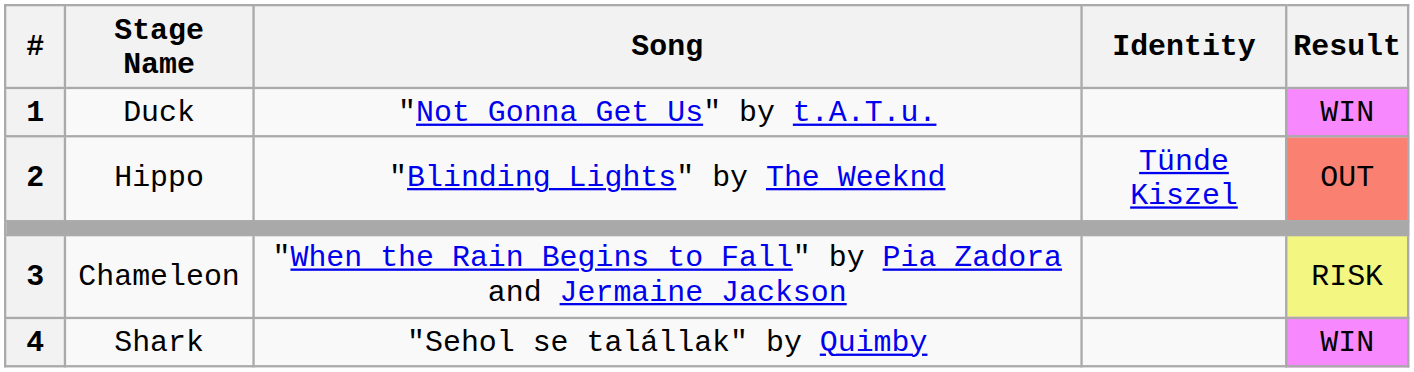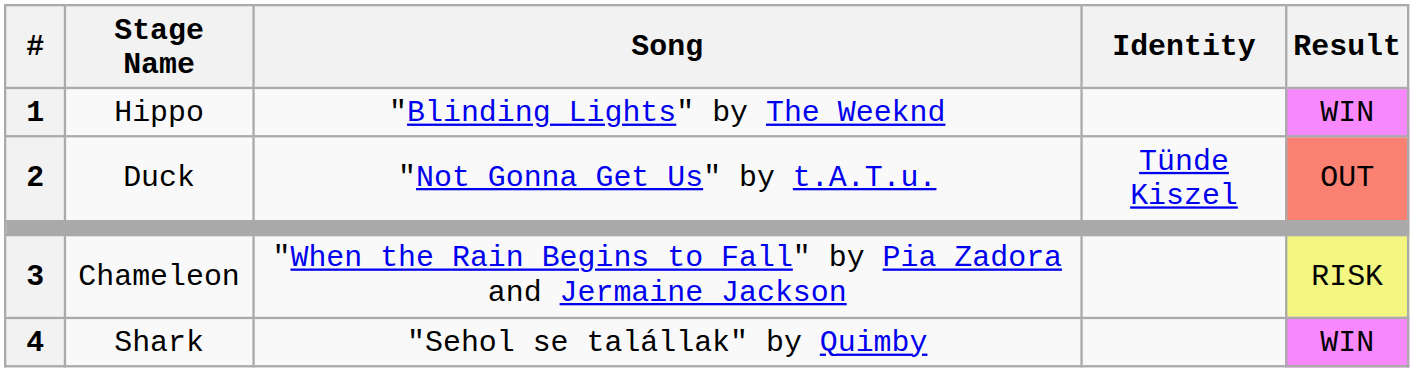 <table class="wikitable" style="text-align:center">
 <tr>
 <th style="width:20px">#</th>
 <th>Stage Name</th>
 <th>Song</th>
 <th>Identity</th>
 <th>Result</th>
 </tr>
 <tr>
 <th>1</th>
-<td>Duck</td>
-<td>"<a href='#'>Not Gonna Get Us</a>" by <a href='#'>t.A.T.u.</a></td>
+<td>Hippo</td>
+<td>"<a href='#'>Blinding Lights</a>" by <a href='#'>The Weeknd</a></td>
 <td></td>
 <td bgcolor="F888FD">WIN</td>
 </tr>
 <tr>
 <th>2</th>
-<td>Hippo</td>
-<td>"<a href='#'>Blinding Lights</a>" by <a href='#'>The Weeknd</a></td>
+<td>Duck</td>
+<td>"<a href='#'>Not Gonna Get Us</a>" by <a href='#'>t.A.T.u.</a></td>
 <td><a href='#'>Tünde Kiszel</a></td>
 <td bgcolor="salmon">OUT</td>
 </tr>
 <tr>
 <th colspan="5" style="background:darkgrey"></th>
 </tr>
 <tr>
 <th>3</th>
 <td>Chameleon</td>
 <td>"<a href='#'>When the Rain Begins to Fall</a>" by <a href='#'>Pia Zadora</a> and <a href='#'>Jermaine Jackson</a></td>
 <td></td>
 <td bgcolor="F3F781">RISK</td>
 </tr>
 <tr>
 <th>4</th>
 <td>Shark</td>
 <td>"Sehol se talállak" by <a href='#'>Quimby</a></td>
 <td></td>
 <td bgcolor="F888FD">WIN</td>
 </tr>
 </table>
